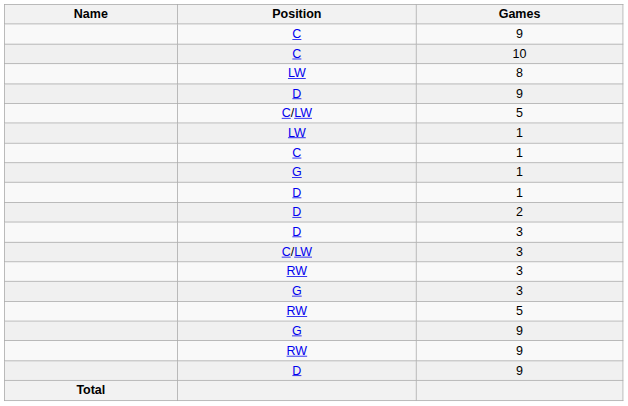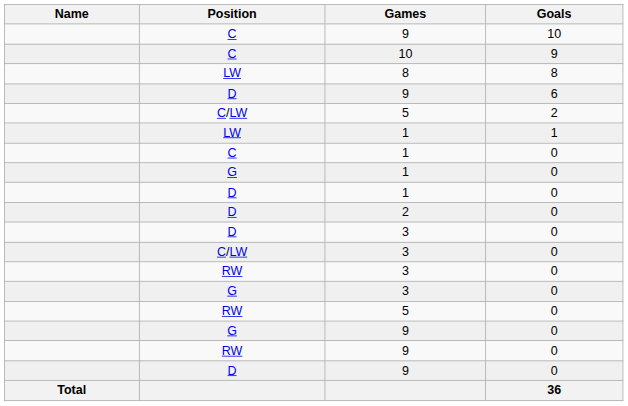 <table class="wikitable sortable" width ="40%">
 <tr align="center">
 <th><strong>Name</strong></th>
 <th><strong>Position</strong></th>
 <th><strong>Games</strong></th>
+<th><strong>Goals</strong></th>
 </tr>
 <tr align="center" bgcolor="">
 <td></td>
 <td><a href='#'>C</a></td>
 <td>9</td>
+<td>10</td>
 </tr>
 <tr align="center" bgcolor="f0f0f0">
 <td></td>
 <td><a href='#'>C</a></td>
 <td>10</td>
+<td>9</td>
 </tr>
 <tr align="center" bgcolor="">
 <td></td>
 <td><a href='#'>LW</a></td>
+<td>8</td>
 <td>8</td>
 </tr>
 <tr align="center" bgcolor="f0f0f0">
 <td></td>
 <td><a href='#'>D</a></td>
 <td>9</td>
+<td>6</td>
 </tr>
 <tr align="center" bgcolor="">
 <td></td>
 <td><a href='#'>C</a>/<a href='#'>LW</a></td>
 <td>5</td>
+<td>2</td>
 </tr>
 <tr align="center" bgcolor="f0f0f0">
 <td></td>
 <td><a href='#'>LW</a></td>
+<td>1</td>
 <td>1</td>
 </tr>
 <tr align="center" bgcolor="">
 <td></td>
 <td><a href='#'>C</a></td>
 <td>1</td>
+<td>0</td>
 </tr>
 <tr align="center" bgcolor="f0f0f0">
 <td></td>
 <td><a href='#'>G</a></td>
 <td>1</td>
+<td>0</td>
 </tr>
 <tr align="center" bgcolor="">
 <td></td>
 <td><a href='#'>D</a></td>
 <td>1</td>
+<td>0</td>
 </tr>
 <tr align="center" bgcolor="f0f0f0">
 <td></td>
 <td><a href='#'>D</a></td>
 <td>2</td>
+<td>0</td>
 </tr>
 <tr align="center" bgcolor="">
 <td></td>
 <td><a href='#'>D</a></td>
 <td>3</td>
+<td>0</td>
 </tr>
 <tr align="center" bgcolor="f0f0f0">
 <td></td>
 <td><a href='#'>C</a>/<a href='#'>LW</a></td>
 <td>3</td>
+<td>0</td>
 </tr>
 <tr align="center" bgcolor="">
 <td></td>
 <td><a href='#'>RW</a></td>
 <td>3</td>
+<td>0</td>
 </tr>
 <tr align="center" bgcolor="f0f0f0">
 <td></td>
 <td><a href='#'>G</a></td>
 <td>3</td>
+<td>0</td>
 </tr>
 <tr align="center" bgcolor="">
 <td></td>
 <td><a href='#'>RW</a></td>
 <td>5</td>
+<td>0</td>
 </tr>
 <tr align="center" bgcolor="f0f0f0">
 <td></td>
 <td><a href='#'>G</a></td>
 <td>9</td>
+<td>0</td>
 </tr>
 <tr align="center" bgcolor="">
 <td></td>
 <td><a href='#'>RW</a></td>
 <td>9</td>
+<td>0</td>
 </tr>
 <tr align="center" bgcolor="f0f0f0">
 <td></td>
 <td><a href='#'>D</a></td>
 <td>9</td>
+<td>0</td>
 </tr>
 <tr>
 <th>Total</th>
 <th></th>
 <th></th>
+<th>36</th>
 </tr>
 </table>
